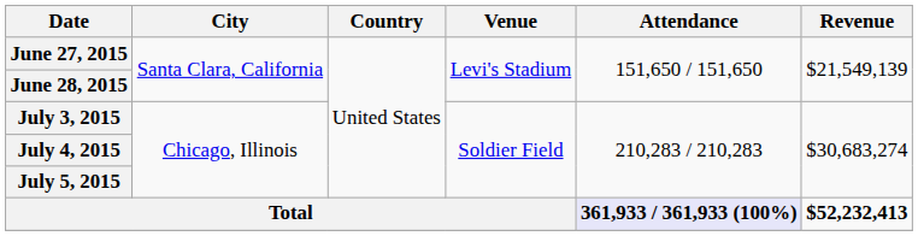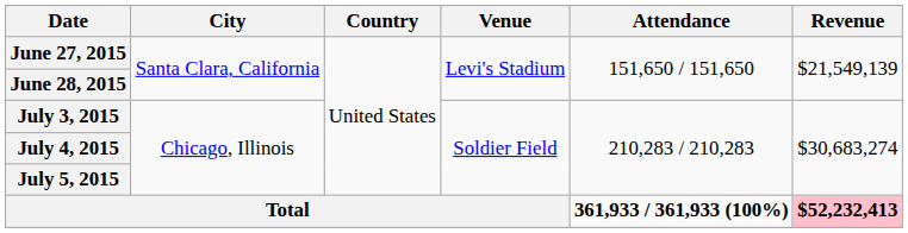 <table class="wikitable" style="text-align:center;">
 <tr>
 <th scope="col">Date</th>
 <th scope="col">City</th>
 <th scope="col">Country</th>
 <th scope="col">Venue</th>
 <th scope="col">Attendance</th>
 <th scope="col">Revenue</th>
 </tr>
 <tr>
 <th scope="row">June 27, 2015</th>
 <td rowspan="2"><a href='#'>Santa Clara, California</a></td>
 <td rowspan="5">United States</td>
 <td rowspan="2"><a href='#'>Levi's Stadium</a></td>
 <td rowspan="2">151,650 / 151,650</td>
 <td rowspan="2">$21,549,139</td>
 </tr>
 <tr>
 <th scope="row">June 28, 2015</th>
 </tr>
 <tr>
 <th scope="row">July 3, 2015</th>
 <td rowspan="3"><a href='#'>Chicago</a>, Illinois</td>
 <td rowspan="3"><a href='#'>Soldier Field</a></td>
 <td rowspan="3">210,283 / 210,283</td>
 <td rowspan="3">$30,683,274</td>
 </tr>
 <tr>
 <th scope="row">July 4, 2015</th>
 </tr>
 <tr>
 <th scope="row">July 5, 2015</th>
 </tr>
 <tr>
 <th scope="row" colspan="4">Total</th>
-<td style="background: lavender; text-align:center;"><strong>361,933 / 361,933 (100%)</strong></td>
-<td scope="row" style="text-align:center;"><strong>$52,232,413</strong></td>
+<td style="text-align:center;"><strong>361,933 / 361,933 (100%)</strong></td>
+<td scope="row" style="background: pink; text-align:center;"><strong>$52,232,413</strong></td>
 </tr>
 <tr>
 </tr>
 </table>
